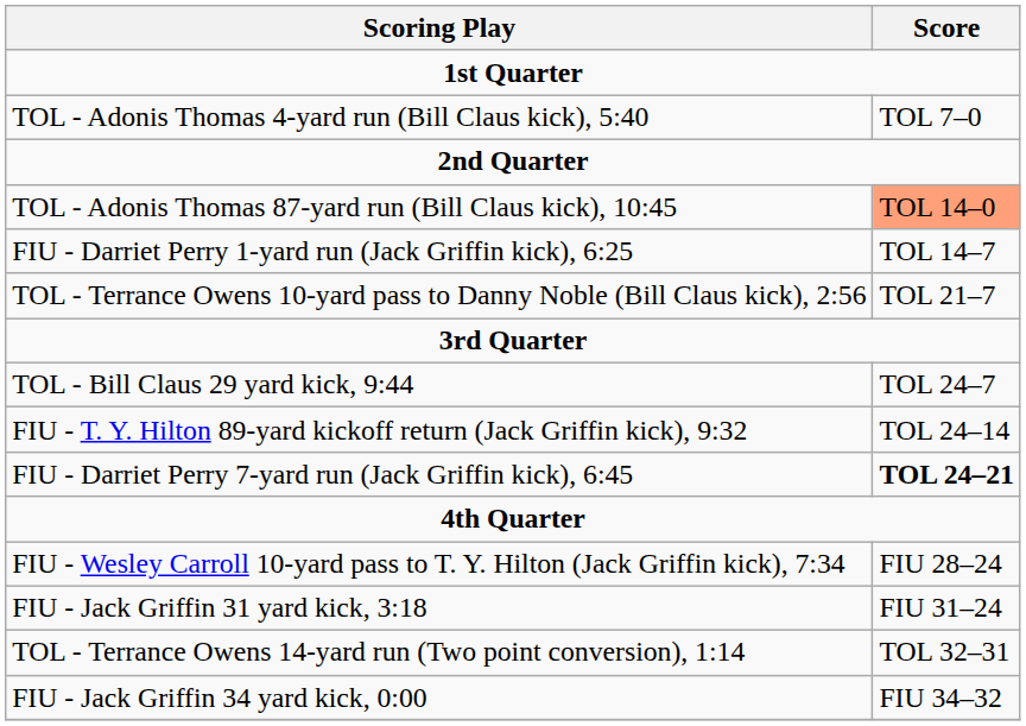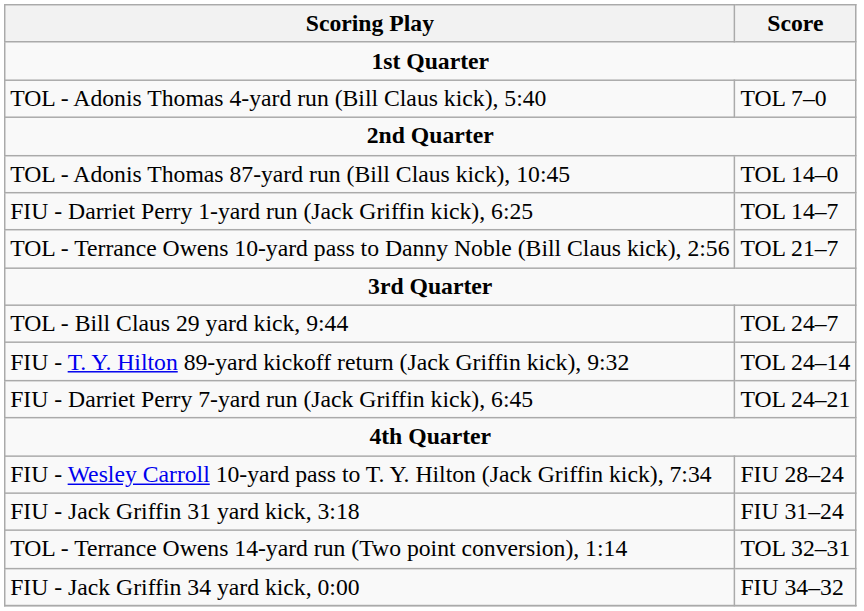 <table class="wikitable">
 <tr>
 <th>Scoring Play</th>
 <th>Score</th>
 </tr>
 <tr>
 <td colspan="4" align="center"><strong>1st Quarter</strong></td>
 </tr>
 <tr>
 <td>TOL - Adonis Thomas 4-yard run (Bill Claus kick), 5:40</td>
 <td>TOL 7–0</td>
 </tr>
 <tr>
 <td colspan="4" align="center"><strong>2nd Quarter</strong></td>
 </tr>
 <tr>
 <td>TOL - Adonis Thomas 87-yard run (Bill Claus kick), 10:45</td>
-<td style="background: lightsalmon;">TOL 14–0</td>
+<td>TOL 14–0</td>
 </tr>
 <tr>
 <td>FIU - Darriet Perry 1-yard run (Jack Griffin kick), 6:25</td>
 <td>TOL 14–7</td>
 </tr>
 <tr>
 <td>TOL - Terrance Owens 10-yard pass to Danny Noble (Bill Claus kick), 2:56</td>
 <td>TOL 21–7</td>
 </tr>
 <tr>
 <td colspan="4" align="center"><strong>3rd Quarter</strong></td>
 </tr>
 <tr>
 <td>TOL - Bill Claus 29 yard kick, 9:44</td>
 <td>TOL 24–7</td>
 </tr>
 <tr>
 <td>FIU - <a href='#'>T. Y. Hilton</a> 89-yard kickoff return (Jack Griffin kick), 9:32</td>
 <td>TOL 24–14</td>
 </tr>
 <tr>
 <td>FIU - Darriet Perry 7-yard run (Jack Griffin kick), 6:45</td>
-<td><strong>TOL 24–21</strong></td>
+<td>TOL 24–21</td>
 </tr>
 <tr>
 <td colspan="4" align="center"><strong>4th Quarter</strong></td>
 </tr>
 <tr>
 <td>FIU - <a href='#'>Wesley Carroll</a> 10-yard pass to T. Y. Hilton (Jack Griffin kick), 7:34</td>
 <td>FIU 28–24</td>
 </tr>
 <tr>
 <td>FIU - Jack Griffin 31 yard kick, 3:18</td>
 <td>FIU 31–24</td>
 </tr>
 <tr>
 <td>TOL - Terrance Owens 14-yard run (Two point conversion), 1:14</td>
 <td>TOL 32–31</td>
 </tr>
 <tr>
 <td>FIU - Jack Griffin 34 yard kick, 0:00</td>
 <td>FIU 34–32</td>
 </tr>
 <tr>
 </tr>
 </table>
